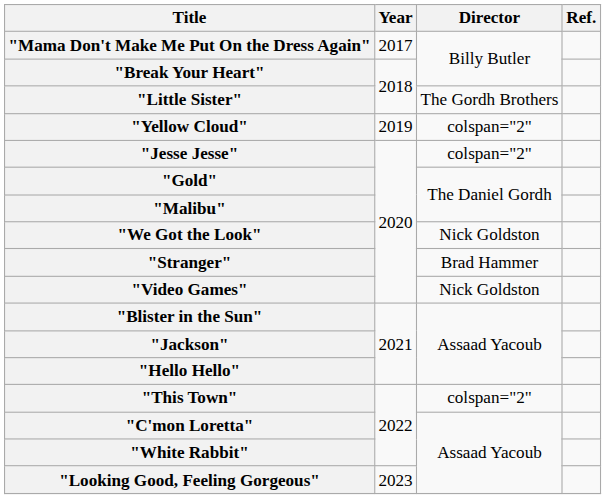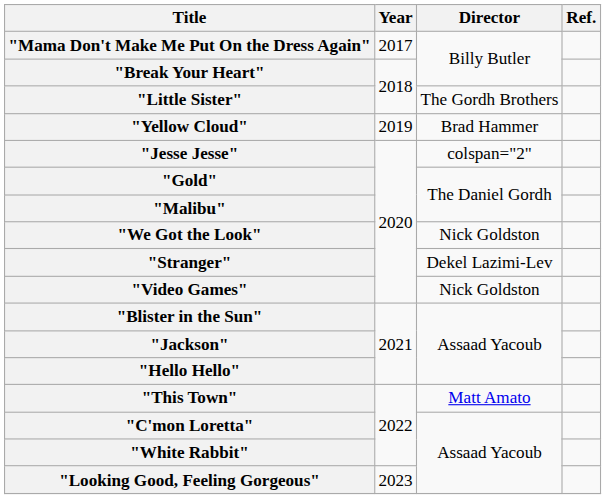 <table class="wikitable plainrowheaders" style="text-align:center;">
 <tr>
 <th scope="col">Title</th>
 <th scope="col">Year</th>
 <th scope="col">Director</th>
 <th scope="col">Ref.</th>
 </tr>
 <tr>
 <th scope="row">"Mama Don't Make Me Put On the Dress Again"</th>
 <td>2017</td>
 <td rowspan="2">Billy Butler</td>
 <td></td>
 </tr>
 <tr>
 <th scope="row">"Break Your Heart"</th>
 <td rowspan="2">2018</td>
 <td></td>
 </tr>
 <tr>
 <th scope="row">"Little Sister"<br></th>
 <td>The Gordh Brothers</td>
 </tr>
 <tr>
 <th scope="row">"Yellow Cloud"</th>
 <td>2019</td>
-<td>colspan="2" </td>
+<td>Brad Hammer</td>
 <td></td>
 </tr>
 <tr>
 <th scope="row">"Jesse Jesse"</th>
 <td rowspan="6">2020</td>
 <td>colspan="2" </td>
 <td></td>
 </tr>
 <tr>
 <th scope="row">"Gold"</th>
 <td rowspan="2">The Daniel Gordh</td>
 <td></td>
 </tr>
 <tr>
 <th scope="row">"Malibu"</th>
 <td></td>
 </tr>
 <tr>
 <th scope="row">"We Got the Look"</th>
 <td>Nick Goldston</td>
 <td></td>
 </tr>
 <tr>
 <th scope="row">"Stranger" </th>
-<td>Brad Hammer</td>
+<td>Dekel Lazimi-Lev</td>
 <td></td>
 </tr>
 <tr>
 <th scope="row">"Video Games"</th>
 <td>Nick Goldston</td>
 <td></td>
 </tr>
 <tr>
 <th scope="row">"Blister in the Sun"</th>
 <td rowspan="3">2021</td>
 <td rowspan="3">Assaad Yacoub</td>
 <td></td>
 </tr>
 <tr>
 <th scope="row">"Jackson" </th>
 <td></td>
 </tr>
 <tr>
 <th scope="row">"Hello Hello"</th>
 <td></td>
 </tr>
 <tr>
 <th scope="row">"This Town" </th>
 <td rowspan="3">2022</td>
-<td>colspan="2" </td>
+<td><a href='#'>Matt Amato</a></td>
 <td></td>
 </tr>
 <tr>
 <th scope="row">"C'mon Loretta"</th>
 <td rowspan="3">Assaad Yacoub</td>
 <td></td>
 </tr>
 <tr>
 <th scope="row">"White Rabbit" </th>
 <td></td>
 </tr>
 <tr>
 <th scope="row">"Looking Good, Feeling Gorgeous"</th>
 <td>2023</td>
 <td></td>
 </tr>
 <tr>
 </tr>
 </table>
